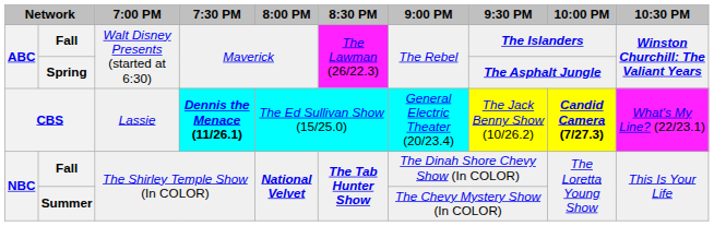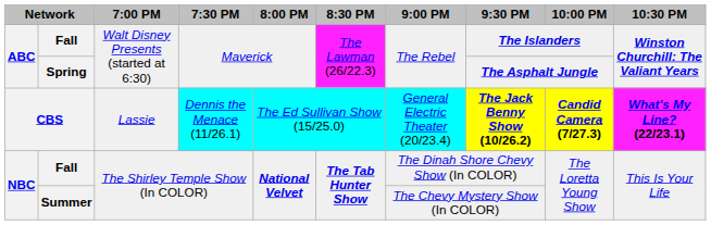 <table class="wikitable" style="width:100%;margin-right:0;text-align:center">
 <tr>
 <th colspan="2" style="background-color:#C0C0C0;text-align:center">Network</th>
 <th style="background-color:#C0C0C0;text-align:center">7:00 PM</th>
 <th style="background-color:#C0C0C0;text-align:center">7:30 PM</th>
 <th style="background-color:#C0C0C0;text-align:center">8:00 PM</th>
 <th style="background-color:#C0C0C0;text-align:center">8:30 PM</th>
 <th style="background-color:#C0C0C0;text-align:center">9:00 PM</th>
 <th style="background-color:#C0C0C0;text-align:center">9:30 PM</th>
 <th style="background-color:#C0C0C0;text-align:center">10:00 PM</th>
 <th style="background-color:#C0C0C0;text-align:center">10:30 PM</th>
 </tr>
 <tr>
 <th rowspan="2"><a href='#'>ABC</a></th>
 <th>Fall</th>
 <td bgcolor="#F0F0F0" rowspan="2"><em><a href='#'>Walt Disney Presents</a></em> (started at 6:30)</td>
 <td colspan="2" bgcolor="#F0F0F0" rowspan="2"><em><a href='#'>Maverick</a></em></td>
 <td bgcolor="#FF22FF" rowspan="2"><em><a href='#'>The Lawman</a></em> (26/22.3)</td>
 <td bgcolor="#F0F0F0" rowspan="2"><em><a href='#'>The Rebel</a></em></td>
 <td bgcolor="#F0F0F0" colspan="2"><strong><em><a href='#'>The Islanders</a></em></strong></td>
 <td bgcolor="#F0F0F0" rowspan="2"><strong><em><a href='#'>Winston Churchill: The Valiant Years</a></em></strong></td>
 </tr>
 <tr>
 <th>Spring</th>
 <td bgcolor="#F0F0F0" colspan="2"><strong><em><a href='#'>The Asphalt Jungle</a></em></strong></td>
 </tr>
 <tr>
 <th colspan="2"><a href='#'>CBS</a></th>
 <td bgcolor="#F0F0F0"><em><a href='#'>Lassie</a></em></td>
-<td bgcolor="#00FFFF"><strong><em><a href='#'>Dennis the Menace</a></em> (11/26.1)</strong></td>
+<td bgcolor="#00FFFF"><em><a href='#'>Dennis the Menace</a></em> (11/26.1)</td>
 <td bgcolor="#00FFFF" colspan="2"><em><a href='#'>The Ed Sullivan Show</a></em> (15/25.0)</td>
 <td bgcolor="#00FFFF"><em><a href='#'>General Electric Theater</a></em> (20/23.4)</td>
-<td bgcolor="#FFFF00"><em><a href='#'>The Jack Benny Show</a></em> (10/26.2)</td>
+<td bgcolor="#FFFF00"><strong><em><a href='#'>The Jack Benny Show</a></em> (10/26.2)</strong></td>
 <td bgcolor="#FFFF00"><strong><em><a href='#'>Candid Camera</a></em> (7/27.3)</strong></td>
-<td bgcolor="#FF22FF"><em><a href='#'>What's My Line?</a></em> (22/23.1)</td>
+<td bgcolor="#FF22FF"><strong><em><a href='#'>What's My Line?</a></em> (22/23.1)</strong></td>
 </tr>
 <tr>
 <th rowspan="2"><a href='#'>NBC</a></th>
 <th>Fall</th>
 <td bgcolor="#F0F0F0" colspan="2" rowspan="2"><em><a href='#'>The Shirley Temple Show</a></em> (In <span>C</span><span>O</span><span>L</span><span>O</span><span>R</span>)</td>
 <td bgcolor="#F0F0F0" rowspan="2"><strong><em><a href='#'>National Velvet</a></em></strong></td>
 <td bgcolor="#F0F0F0" rowspan="2"><strong><em><a href='#'>The Tab Hunter Show</a></em></strong></td>
 <td bgcolor="#F0F0F0" colspan="2"><em><a href='#'>The Dinah Shore Chevy Show</a></em> (In <span>C</span><span>O</span><span>L</span><span>O</span><span>R</span>)</td>
 <td bgcolor="#F0F0F0" rowspan="2"><em><a href='#'>The Loretta Young Show</a></em></td>
 <td bgcolor="#F0F0F0" rowspan="2"><em><a href='#'>This Is Your Life</a></em></td>
 </tr>
 <tr>
 <th>Summer</th>
 <td bgcolor="#F0F0F0" colspan="2"><em><a href='#'>The Chevy Mystery Show</a></em> (In <span>C</span><span>O</span><span>L</span><span>O</span><span>R</span>)</td>
 </tr>
 </table>
